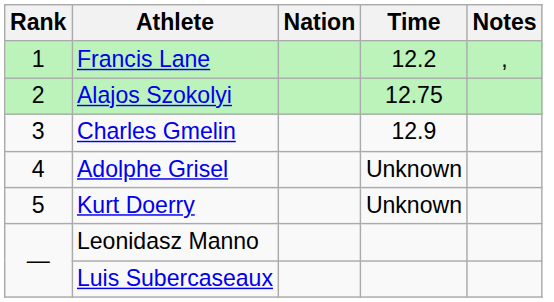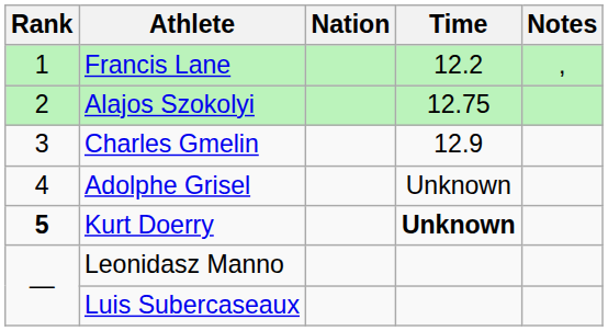 <table class="wikitable sortable" style="text-align:center">
 <tr>
 <th>Rank</th>
 <th>Athlete</th>
 <th>Nation</th>
 <th>Time</th>
 <th>Notes</th>
 </tr>
 <tr style="background:#bbf3bb;">
 <td>1</td>
 <td align=left><a href='#'>Francis Lane</a></td>
 <td align=left></td>
 <td>12.2</td>
 <td>, </td>
 </tr>
 <tr style="background:#bbf3bb;">
 <td>2</td>
 <td align=left><a href='#'>Alajos Szokolyi</a></td>
 <td align=left></td>
 <td>12.75</td>
 <td></td>
 </tr>
 <tr>
 <td>3</td>
 <td align=left><a href='#'>Charles Gmelin</a></td>
 <td align=left></td>
 <td>12.9</td>
 <td></td>
 </tr>
 <tr>
 <td>4</td>
 <td align=left><a href='#'>Adolphe Grisel</a></td>
 <td align=left></td>
 <td data-sort-value=60.0>Unknown</td>
 <td></td>
 </tr>
 <tr>
-<td>5</td>
+<td><strong>5</strong></td>
 <td align=left><a href='#'>Kurt Doerry</a></td>
 <td align=left></td>
-<td data-sort-value=60.0>Unknown</td>
+<td data-sort-value=60.0><strong>Unknown</strong></td>
 <td></td>
 </tr>
 <tr>
 <td rowspan=2 data-sort-value=6>—</td>
 <td align=left>Leonidasz Manno</td>
 <td align=left></td>
 <td data-sort-value=99.9></td>
 <td></td>
 </tr>
 <tr>
 <td align=left><a href='#'>Luis Subercaseaux</a></td>
 <td align=left></td>
 <td data-sort-value=99.9></td>
 <td></td>
 </tr>
 </table>
